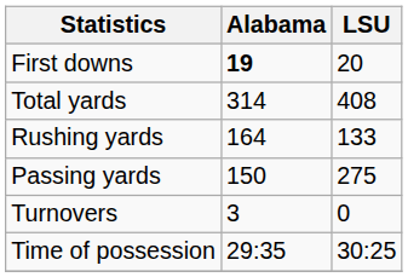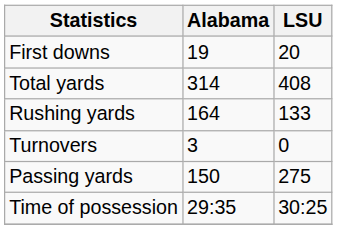 <table class="wikitable" style="float: left;">
 <tr>
 <th>Statistics</th>
 <th>Alabama</th>
 <th>LSU</th>
 </tr>
 <tr>
 <td>First downs</td>
-<td><strong>19</strong></td>
+<td>19</td>
 <td>20</td>
 </tr>
 <tr>
 <td>Total yards</td>
 <td>314</td>
 <td>408</td>
 </tr>
 <tr>
 <td>Rushing yards</td>
 <td>164</td>
 <td>133</td>
 </tr>
 <tr>
+<td>Turnovers</td>
+<td>3</td>
+<td>0</td>
+</tr>
+<tr>
 <td>Passing yards</td>
 <td>150</td>
 <td>275</td>
-</tr>
-<tr>
-<td>Turnovers</td>
-<td>3</td>
-<td>0</td>
 </tr>
 <tr>
 <td>Time of possession</td>
 <td>29:35</td>
 <td>30:25</td>
 </tr>
 <tr>
 </tr>
 </table>
